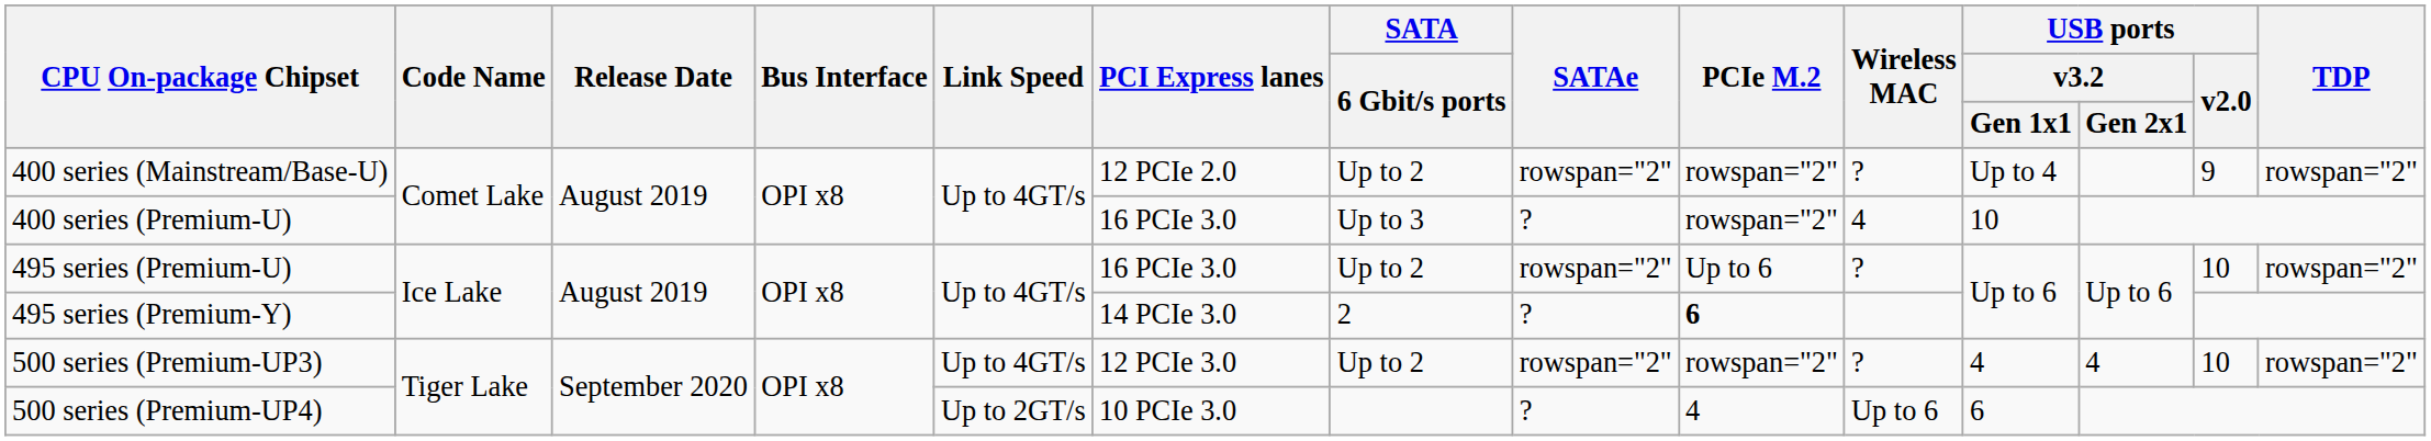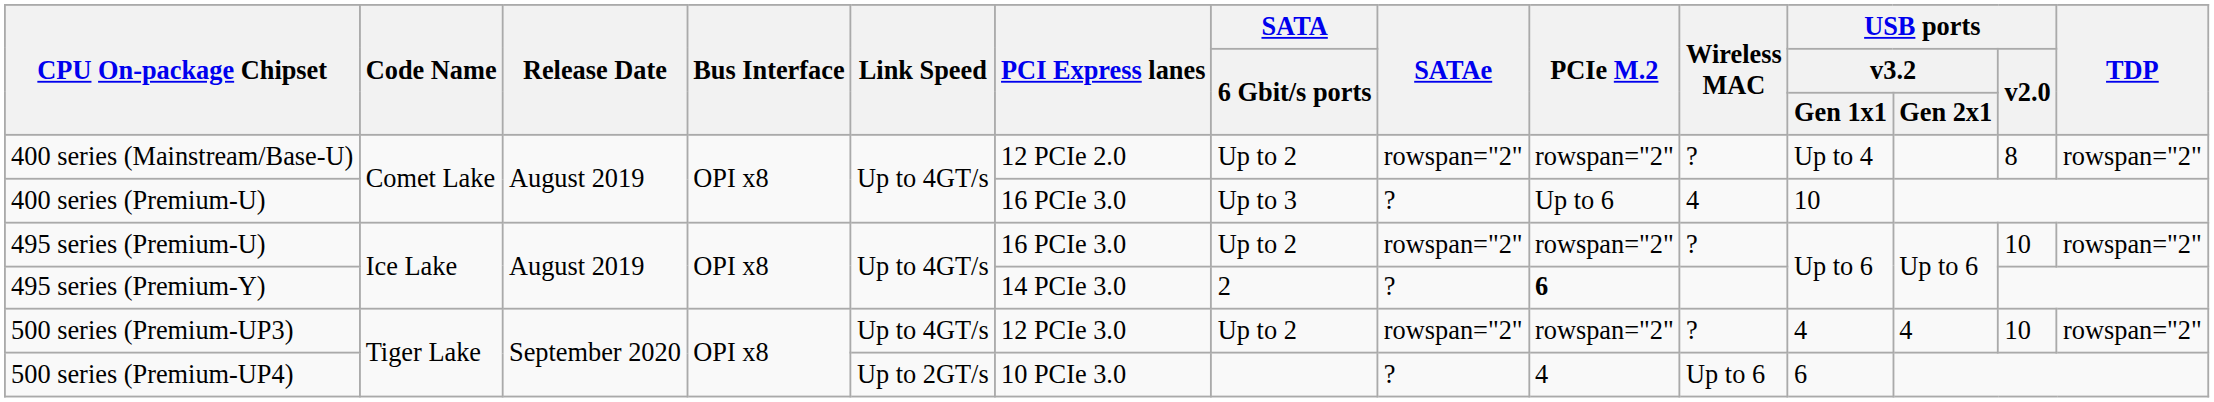 <table class="wikitable" style="font-size: 90%;">
 <tr>
 <th rowspan="3"><a href='#'>CPU</a> <a href='#'>On-package</a> Chipset</th>
 <th rowspan="3">Code Name</th>
 <th rowspan="3">Release Date</th>
 <th rowspan="3">Bus Interface</th>
 <th rowspan="3">Link Speed</th>
 <th rowspan="3"><a href='#'>PCI Express</a> lanes</th>
 <th><a href='#'>SATA</a></th>
 <th rowspan="3"><a href='#'>SATAe</a></th>
 <th rowspan="3">PCIe <a href='#'>M.2</a></th>
 <th rowspan="3">Wireless<br>MAC</th>
 <th colspan="3"><a href='#'>USB</a> ports</th>
 <th rowspan="3"><a href='#'>TDP</a></th>
 </tr>
 <tr>
 <th rowspan="2">6 Gbit/s ports</th>
 <th colspan="2">v3.2</th>
 <th rowspan="2">v2.0</th>
 </tr>
 <tr>
 <th>Gen 1x1</th>
 <th>Gen 2x1</th>
 </tr>
 <tr>
 <td>400 series (Mainstream/Base-U)</td>
 <td rowspan="2">Comet Lake</td>
 <td rowspan="2">August 2019</td>
 <td rowspan="2">OPI x8</td>
 <td rowspan="2">Up to 4GT/s</td>
 <td>12 PCIe 2.0</td>
 <td>Up to 2</td>
 <td>rowspan="2" </td>
 <td>rowspan="2" </td>
 <td>?</td>
 <td>Up to 4</td>
 <td></td>
-<td>9</td>
+<td>8</td>
 <td>rowspan="2" </td>
 </tr>
 <tr>
 <td>400 series (Premium-U)</td>
 <td>16 PCIe 3.0</td>
 <td>Up to 3</td>
 <td>?</td>
-<td>rowspan="2" </td>
+<td>Up to 6</td>
 <td>4</td>
 <td>10</td>
 </tr>
 <tr>
 <td>495 series (Premium-U)</td>
 <td rowspan="2">Ice Lake</td>
 <td rowspan="2">August 2019</td>
 <td rowspan="2">OPI x8</td>
 <td rowspan="2">Up to 4GT/s</td>
 <td>16 PCIe 3.0</td>
 <td>Up to 2</td>
 <td>rowspan="2" </td>
-<td>Up to 6</td>
+<td>rowspan="2" </td>
 <td>?</td>
 <td rowspan="2">Up to 6</td>
 <td rowspan="2">Up to 6</td>
 <td>10</td>
 <td>rowspan="2" </td>
 </tr>
 <tr>
 <td>495 series (Premium-Y)</td>
 <td>14 PCIe 3.0</td>
 <td>2</td>
 <td>?</td>
 <td><strong>6</strong></td>
 </tr>
 <tr>
 <td>500 series (Premium-UP3)</td>
 <td rowspan="2">Tiger Lake</td>
 <td rowspan="2">September 2020</td>
 <td rowspan="2">OPI x8</td>
 <td>Up to 4GT/s</td>
 <td>12 PCIe 3.0</td>
 <td>Up to 2</td>
 <td>rowspan="2" </td>
 <td>rowspan="2" </td>
 <td>?</td>
 <td>4</td>
 <td>4</td>
 <td>10</td>
 <td>rowspan="2" </td>
 </tr>
 <tr>
 <td>500 series (Premium-UP4)</td>
 <td>Up to 2GT/s</td>
 <td>10 PCIe 3.0</td>
 <td></td>
 <td>?</td>
 <td>4</td>
 <td>Up to 6</td>
 <td>6</td>
 </tr>
 </table>
